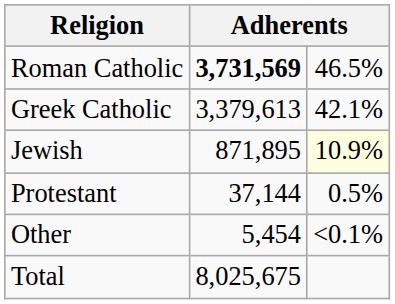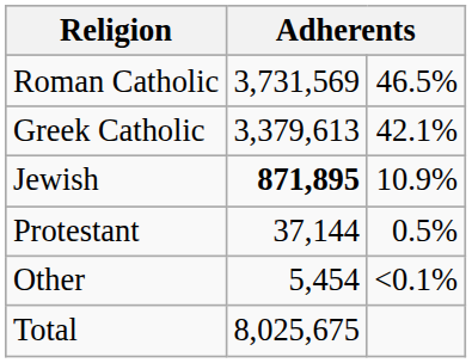 <table class="wikitable">
 <tr>
 <th>Religion</th>
 <th colspan=2>Adherents</th>
 </tr>
 <tr>
 <td>Roman Catholic</td>
-<td align=right><strong>3,731,569</strong></td>
+<td align=right>3,731,569</td>
 <td align=right>46.5%</td>
 </tr>
 <tr>
 <td>Greek Catholic</td>
 <td align=right>3,379,613</td>
 <td align=right>42.1%</td>
 </tr>
 <tr>
 <td>Jewish</td>
-<td align=right>871,895</td>
-<td align=right style="background: lightyellow;">10.9%</td>
+<td align=right><strong>871,895</strong></td>
+<td align=right>10.9%</td>
 </tr>
 <tr>
 <td>Protestant</td>
 <td align=right>37,144</td>
 <td align=right>0.5%</td>
 </tr>
 <tr>
 <td>Other</td>
 <td align=right>5,454</td>
 <td align=right><0.1%</td>
 </tr>
 <tr>
 <td>Total</td>
 <td align=right>8,025,675</td>
 <td align=right></td>
 </tr>
 </table>
